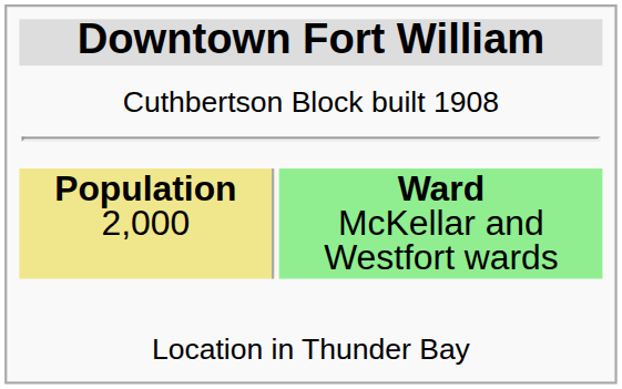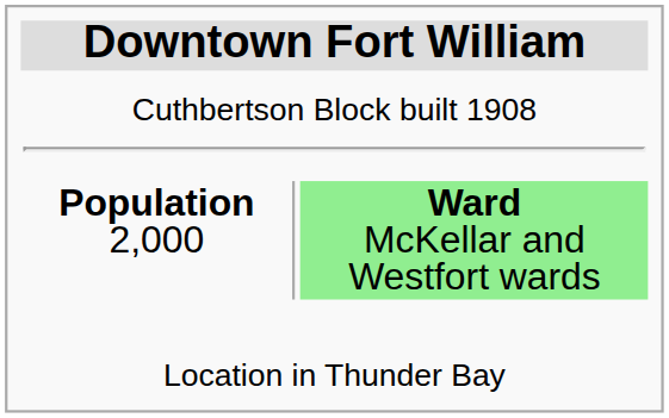 <table class="infobox" style="font-size:90%;width:250px;text-align:center;line-height:100%;">
 <tr>
 <th colspan="2" style="background:#DDDDDD;line-height:110%;"><big>Downtown Fort William</big></th>
 </tr>
 <tr>
 <td colspan="2"></td>
 </tr>
 <tr>
 <td colspan="2"><small>Cuthbertson Block built 1908</small><hr></td>
 </tr>
 <tr>
-<td style="background: khaki; border-right:1px solid #AAAAAA;"><strong>Population</strong><br>2,000</td>
+<td style="border-right:1px solid #AAAAAA;"><strong>Population</strong><br>2,000</td>
 <td style="background: lightgreen;"><strong>Ward</strong><br>McKellar and<br>Westfort wards</td>
 </tr>
 <tr>
 <td colspan="2"><br></td>
 </tr>
 <tr>
 <td colspan="2"><small>Location in Thunder Bay</small></td>
 </tr>
 </table>
